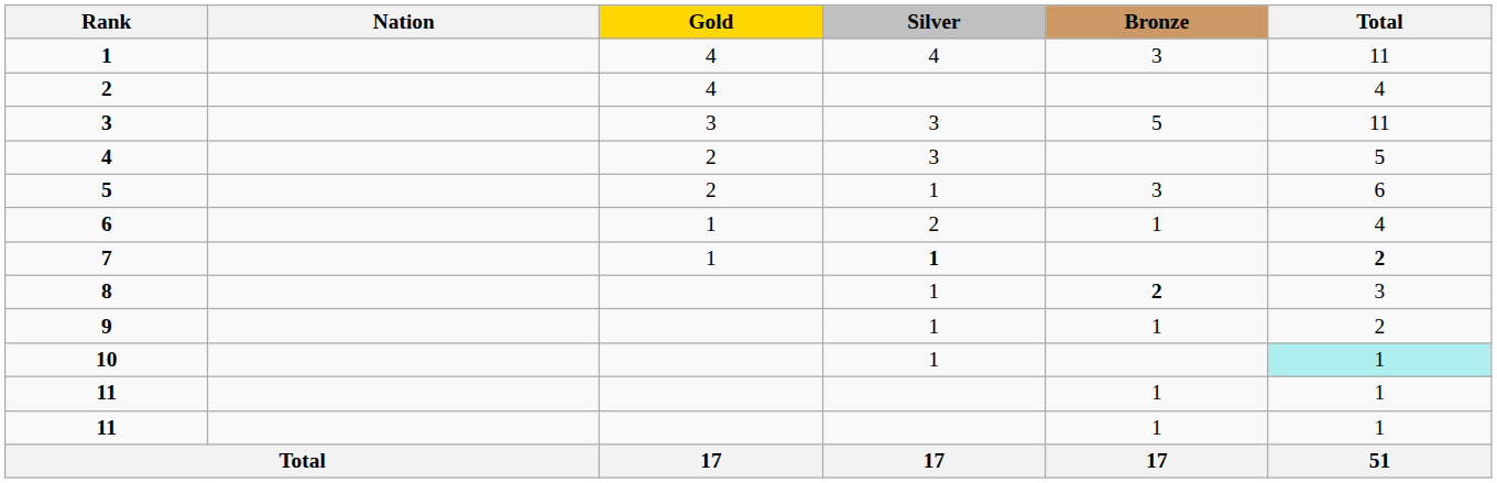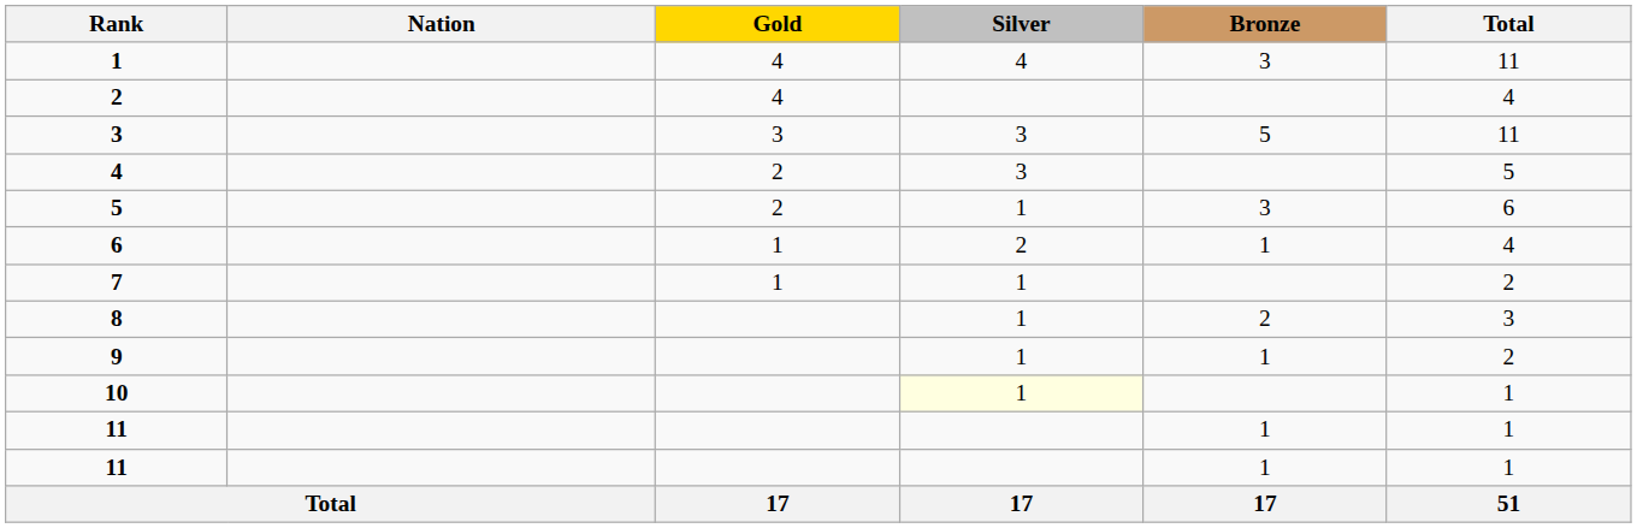 <table class="wikitable collapsible autocollapse plainrowheaders" width=70.5% style="text-align:center;">
 <tr style="background-color:#EDEDED;">
 <th width=100px class="hintergrundfarbe5">Rank</th>
 <th width=200px class="hintergrundfarbe6">Nation</th>
 <th style="background:    gold; width:15%">Gold</th>
 <th style="background:  silver; width:15%">Silver</th>
 <th style="background: #CC9966; width:15%">Bronze</th>
 <th class="hintergrundfarbe6" style="width:15%">Total</th>
 </tr>
 <tr>
 <td><strong>1</strong></td>
 <td align=left></td>
 <td>4</td>
 <td>4</td>
 <td>3</td>
 <td>11</td>
 </tr>
 <tr>
 <td><strong>2</strong></td>
 <td align=left></td>
 <td>4</td>
 <td></td>
 <td></td>
 <td>4</td>
 </tr>
 <tr>
 <td><strong>3</strong></td>
 <td align=left></td>
 <td>3</td>
 <td>3</td>
 <td>5</td>
 <td>11</td>
 </tr>
 <tr>
 <td><strong>4</strong></td>
 <td align=left></td>
 <td>2</td>
 <td>3</td>
 <td></td>
 <td>5</td>
 </tr>
 <tr>
 <td><strong>5</strong></td>
 <td align=left></td>
 <td>2</td>
 <td>1</td>
 <td>3</td>
 <td>6</td>
 </tr>
 <tr>
 <td><strong>6</strong></td>
 <td align=left></td>
 <td>1</td>
 <td>2</td>
 <td>1</td>
 <td>4</td>
 </tr>
 <tr>
 <td><strong>7</strong></td>
 <td align=left></td>
 <td>1</td>
-<td><strong>1</strong></td>
+<td>1</td>
 <td></td>
-<td><strong>2</strong></td>
+<td>2</td>
 </tr>
 <tr>
 <td><strong>8</strong></td>
 <td align=left></td>
 <td></td>
 <td>1</td>
-<td><strong>2</strong></td>
+<td>2</td>
 <td>3</td>
 </tr>
 <tr>
 <td><strong>9</strong></td>
 <td align=left></td>
 <td></td>
 <td>1</td>
 <td>1</td>
 <td>2</td>
 </tr>
 <tr>
 <td><strong>10</strong></td>
 <td align=left></td>
 <td></td>
+<td style="background: lightyellow;">1</td>
+<td></td>
 <td>1</td>
-<td></td>
-<td style="background: paleturquoise;">1</td>
 </tr>
 <tr>
 <td><strong>11</strong></td>
 <td align=left></td>
 <td></td>
 <td></td>
 <td>1</td>
 <td>1</td>
 </tr>
 <tr>
 <td><strong>11</strong></td>
 <td align=left></td>
 <td></td>
 <td></td>
 <td>1</td>
 <td>1</td>
 </tr>
 <tr>
 <th colspan=2>Total</th>
 <th>17</th>
 <th>17</th>
 <th>17</th>
 <th>51</th>
 </tr>
 </table>
